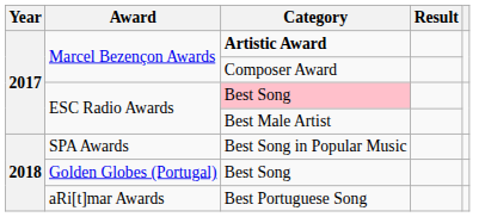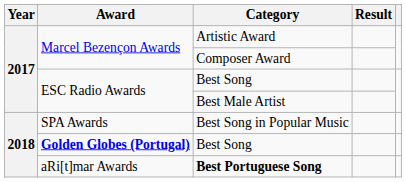 <table class="wikitable plainrowheaders sortable">
 <tr>
 <th>Year</th>
 <th>Award</th>
 <th>Category</th>
 <th>Result</th>
 <th></th>
 </tr>
 <tr>
 <th scope="row" rowspan="4">2017</th>
 <td rowspan="2"><a href='#'>Marcel Bezençon Awards</a></td>
-<td><strong>Artistic Award</strong></td>
+<td>Artistic Award</td>
 <td></td>
 <td rowspan="2"></td>
 </tr>
 <tr>
 <td>Composer Award</td>
 <td></td>
 </tr>
 <tr>
 <td rowspan="2">ESC Radio Awards</td>
-<td style="background: pink;">Best Song</td>
+<td>Best Song</td>
 <td></td>
 <td rowspan="2"></td>
 </tr>
 <tr>
 <td>Best Male Artist</td>
 <td></td>
 </tr>
 <tr>
 <th scope="row" rowspan="3">2018</th>
 <td rowspan="1">SPA Awards</td>
 <td>Best Song in Popular Music</td>
 <td></td>
 <td></td>
 </tr>
 <tr>
-<td rowspan="1"><a href='#'>Golden Globes (Portugal)</a></td>
+<td rowspan="1"><strong><a href='#'>Golden Globes (Portugal)</a></strong></td>
 <td>Best Song</td>
 <td></td>
 <td></td>
 </tr>
 <tr>
 <td rowspan="1">aRi[t]mar Awards</td>
-<td>Best Portuguese Song</td>
+<td><strong>Best Portuguese Song</strong></td>
 <td></td>
 <td></td>
 </tr>
 </table>
